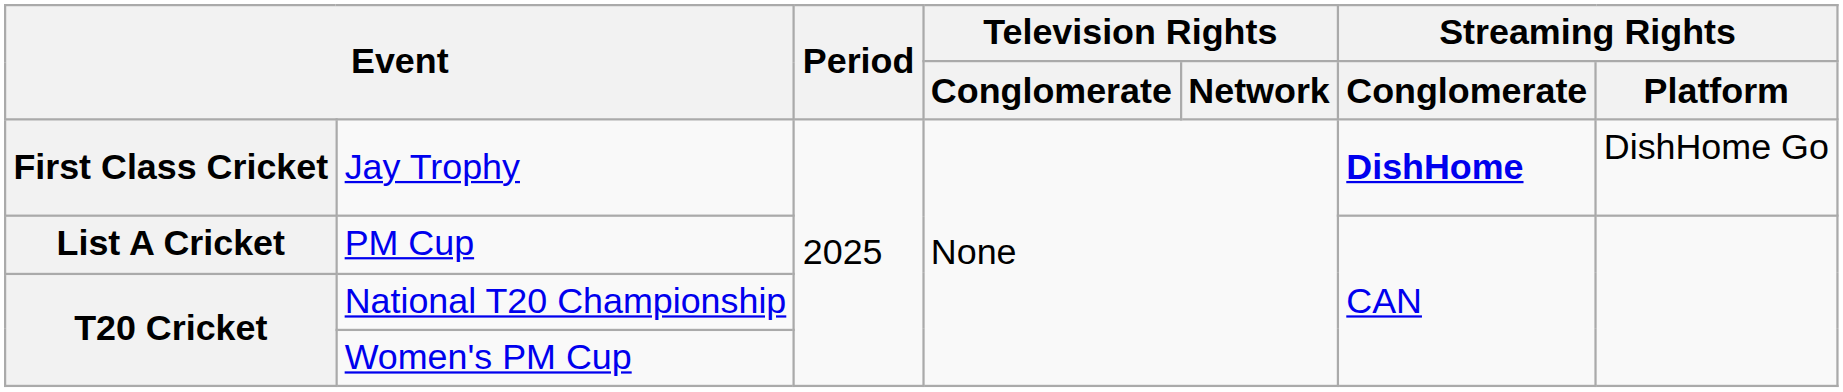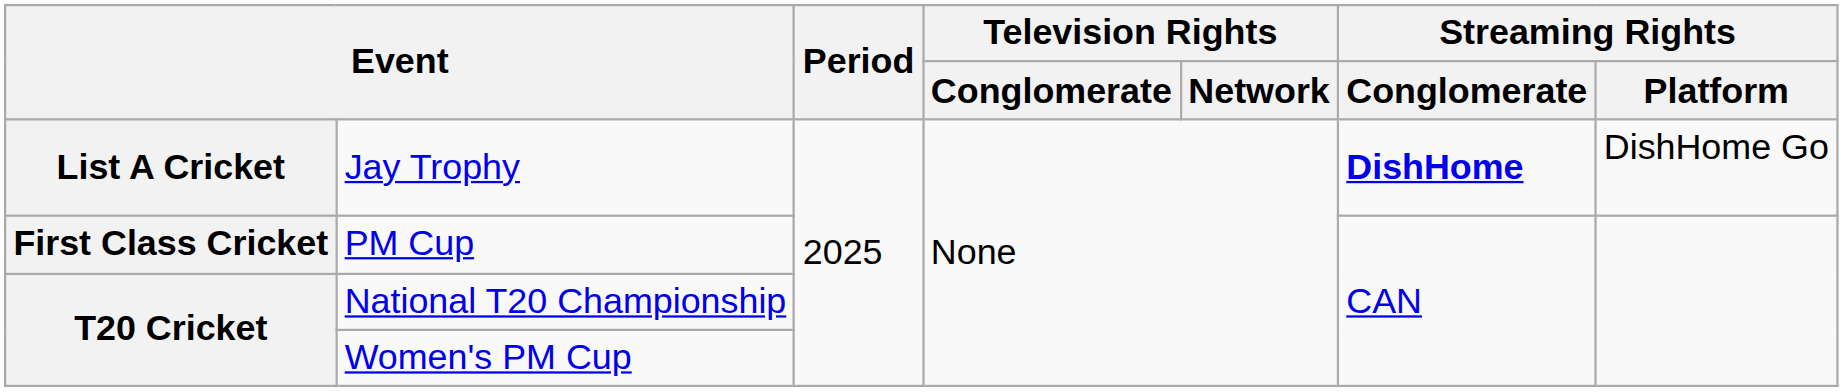 <table class="wikitable">
 <tr>
 <th colspan="2" rowspan="2">Event</th>
 <th rowspan="2">Period</th>
 <th colspan="2">Television Rights</th>
 <th colspan="2">Streaming Rights</th>
 </tr>
 <tr>
 <th>Conglomerate</th>
 <th>Network</th>
 <th>Conglomerate</th>
 <th>Platform</th>
 </tr>
 <tr>
-<th rowspan="1">First Class Cricket</th>
+<th>List A Cricket</th>
 <td><a href='#'>Jay Trophy</a></td>
 <td colspan="1" rowspan="4">2025</td>
 <td colspan="2" rowspan="4">None</td>
 <td><strong><a href='#'>DishHome</a></strong></td>
 <td>DishHome Go <br>  <br>  </td>
 </tr>
 <tr>
-<th>List A Cricket</th>
+<th rowspan="1">First Class Cricket</th>
 <td><a href='#'>PM Cup</a></td>
 <td rowspan="3"><a href='#'>CAN</a></td>
 <td rowspan="3"></td>
 </tr>
 <tr>
 <th rowspan="2">T20 Cricket</th>
 <td><a href='#'>National T20 Championship</a></td>
 </tr>
 <tr>
 <td><a href='#'>Women's PM Cup</a></td>
 </tr>
 </table>
